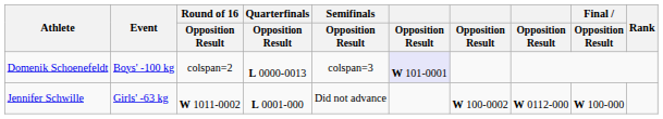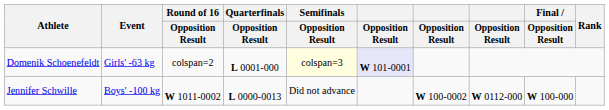 <table class="wikitable" style="font-size:90%">
 <tr>
 <th rowspan="2">Athlete</th>
 <th rowspan="2">Event</th>
 <th>Round of 16</th>
 <th>Quarterfinals</th>
 <th>Semifinals</th>
 <th></th>
 <th></th>
 <th></th>
 <th>Final / </th>
 <th rowspan=2>Rank</th>
 </tr>
 <tr style="font-size:95%">
 <th>Opposition<br>Result</th>
 <th>Opposition<br>Result</th>
 <th>Opposition<br>Result</th>
 <th>Opposition<br>Result</th>
 <th>Opposition<br>Result</th>
 <th>Opposition<br>Result</th>
 <th>Opposition<br>Result</th>
 </tr>
 <tr align=center>
 <td align=left><a href='#'>Domenik Schoenefeldt</a></td>
-<td align=left><a href='#'>Boys' -100 kg</a></td>
+<td align=left><a href='#'>Girls' -63 kg</a></td>
 <td>colspan=2 </td>
-<td><br><strong>L</strong> 0000-0013</td>
-<td>colspan=3 </td>
+<td><br><strong>L</strong> 0001-000</td>
+<td style="background: lightyellow;">colspan=3 </td>
 <td style="background: lavender;"><br><strong>W</strong> 101-0001</td>
 <td></td>
 </tr>
 <tr align=center>
 <td align=left><a href='#'>Jennifer Schwille</a></td>
-<td align=left><a href='#'>Girls' -63 kg</a></td>
+<td align=left><a href='#'>Boys' -100 kg</a></td>
 <td><br><strong>W</strong> 1011-0002</td>
-<td><br><strong>L</strong> 0001-000</td>
+<td><br><strong>L</strong> 0000-0013</td>
 <td>Did not advance</td>
 <td></td>
 <td><br><strong>W</strong> 100-0002</td>
 <td><br><strong>W</strong> 0112-000</td>
 <td><br><strong>W</strong> 100-000</td>
 <td></td>
 </tr>
 </table>
